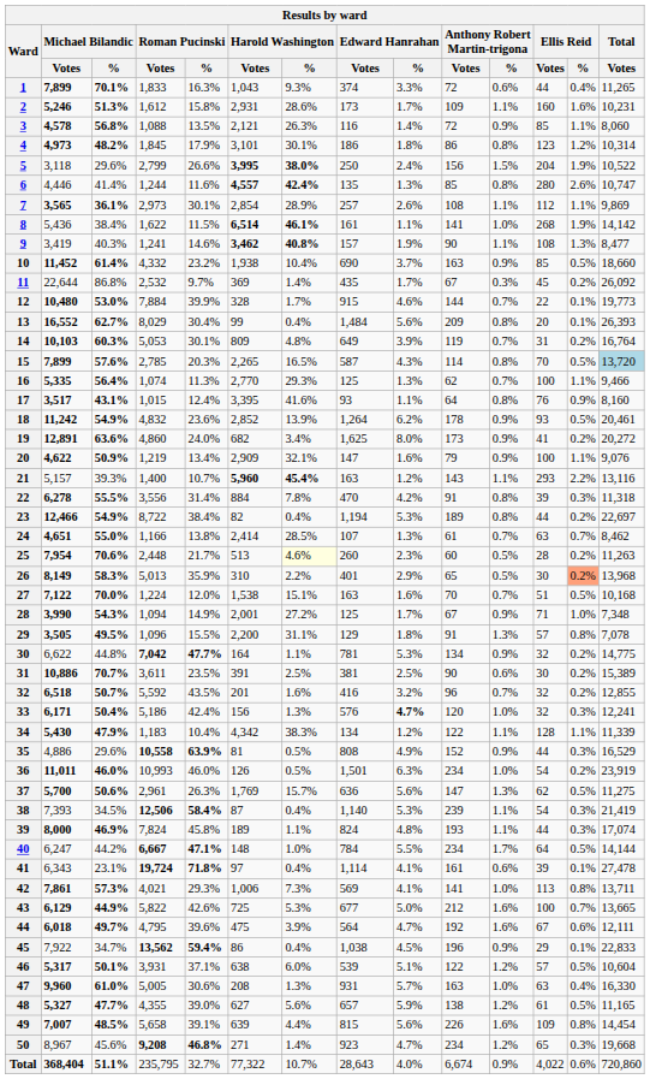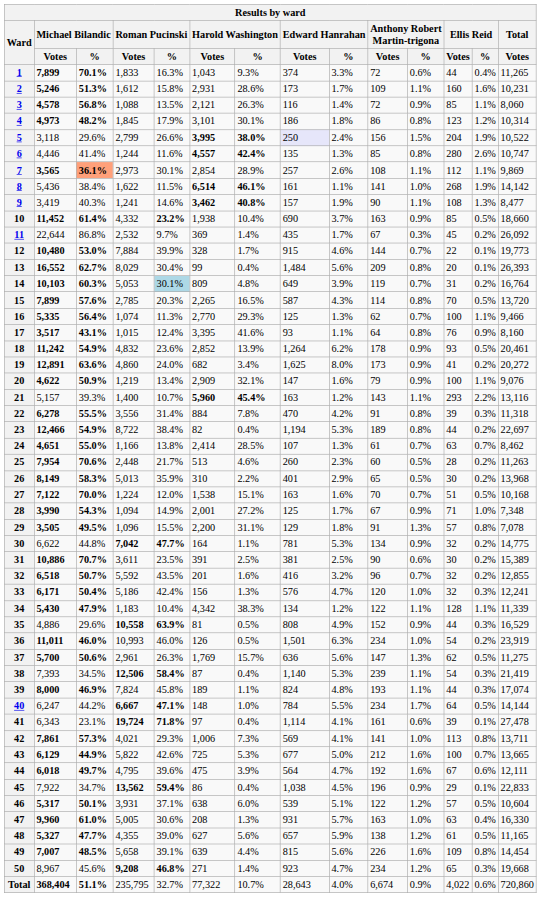 <table class="wikitable collapsible collapsed sortable">
 <tr>
 <th colspan=15>Results by ward</th>
 </tr>
 <tr>
 <th rowspan=2>Ward</th>
 <th colspan=2>Michael Bilandic</th>
 <th colspan=2>Roman Pucinski</th>
 <th colspan=2>Harold Washington</th>
 <th colspan=2>Edward Hanrahan</th>
 <th colspan=2>Anthony Robert<br>Martin-trigona</th>
 <th colspan=2>Ellis Reid</th>
 <th>Total</th>
 </tr>
 <tr>
 <th>Votes</th>
 <th>%</th>
 <th>Votes</th>
 <th>%</th>
 <th>Votes</th>
 <th>%</th>
 <th>Votes</th>
 <th>%</th>
 <th>Votes</th>
 <th>%</th>
 <th>Votes</th>
 <th>%</th>
 <th>Votes</th>
 </tr>
 <tr>
 <th><a href='#'>1</a></th>
 <td><strong>7,899</strong></td>
 <td><strong>70.1%</strong></td>
 <td>1,833</td>
 <td>16.3%</td>
 <td>1,043</td>
 <td>9.3%</td>
 <td>374</td>
 <td>3.3%</td>
 <td>72</td>
 <td>0.6%</td>
 <td>44</td>
 <td>0.4%</td>
 <td>11,265</td>
 </tr>
 <tr>
 <th><a href='#'>2</a></th>
 <td><strong>5,246</strong></td>
 <td><strong>51.3%</strong></td>
 <td>1,612</td>
 <td>15.8%</td>
 <td>2,931</td>
 <td>28.6%</td>
 <td>173</td>
 <td>1.7%</td>
 <td>109</td>
 <td>1.1%</td>
 <td>160</td>
 <td>1.6%</td>
 <td>10,231</td>
 </tr>
 <tr>
 <th><a href='#'>3</a></th>
 <td><strong>4,578</strong></td>
 <td><strong>56.8%</strong></td>
 <td>1,088</td>
 <td>13.5%</td>
 <td>2,121</td>
 <td>26.3%</td>
 <td>116</td>
 <td>1.4%</td>
 <td>72</td>
 <td>0.9%</td>
 <td>85</td>
 <td>1.1%</td>
 <td>8,060</td>
 </tr>
 <tr>
 <th><a href='#'>4</a></th>
 <td><strong>4,973</strong></td>
 <td><strong>48.2%</strong></td>
 <td>1,845</td>
 <td>17.9%</td>
 <td>3,101</td>
 <td>30.1%</td>
 <td>186</td>
 <td>1.8%</td>
 <td>86</td>
 <td>0.8%</td>
 <td>123</td>
 <td>1.2%</td>
 <td>10,314</td>
 </tr>
 <tr>
 <th><a href='#'>5</a></th>
 <td>3,118</td>
 <td>29.6%</td>
 <td>2,799</td>
 <td>26.6%</td>
 <td><strong>3,995</strong></td>
 <td><strong>38.0%</strong></td>
-<td>250</td>
+<td style="background: lavender;">250</td>
 <td>2.4%</td>
 <td>156</td>
 <td>1.5%</td>
 <td>204</td>
 <td>1.9%</td>
 <td>10,522</td>
 </tr>
 <tr>
 <th><a href='#'>6</a></th>
 <td>4,446</td>
 <td>41.4%</td>
 <td>1,244</td>
 <td>11.6%</td>
 <td><strong>4,557</strong></td>
 <td><strong>42.4%</strong></td>
 <td>135</td>
 <td>1.3%</td>
 <td>85</td>
 <td>0.8%</td>
 <td>280</td>
 <td>2.6%</td>
 <td>10,747</td>
 </tr>
 <tr>
 <th><a href='#'>7</a></th>
 <td><strong>3,565</strong></td>
-<td><strong>36.1%</strong></td>
+<td style="background: lightsalmon;"><strong>36.1%</strong></td>
 <td>2,973</td>
 <td>30.1%</td>
 <td>2,854</td>
 <td>28.9%</td>
 <td>257</td>
 <td>2.6%</td>
 <td>108</td>
 <td>1.1%</td>
 <td>112</td>
 <td>1.1%</td>
 <td>9,869</td>
 </tr>
 <tr>
 <th><a href='#'>8</a></th>
 <td>5,436</td>
 <td>38.4%</td>
 <td>1,622</td>
 <td>11.5%</td>
 <td><strong>6,514</strong></td>
 <td><strong>46.1%</strong></td>
 <td>161</td>
 <td>1.1%</td>
 <td>141</td>
 <td>1.0%</td>
 <td>268</td>
 <td>1.9%</td>
 <td>14,142</td>
 </tr>
 <tr>
 <th><a href='#'>9</a></th>
 <td>3,419</td>
 <td>40.3%</td>
 <td>1,241</td>
 <td>14.6%</td>
 <td><strong>3,462</strong></td>
 <td><strong>40.8%</strong></td>
 <td>157</td>
 <td>1.9%</td>
 <td>90</td>
 <td>1.1%</td>
 <td>108</td>
 <td>1.3%</td>
 <td>8,477</td>
 </tr>
 <tr>
 <th>10</th>
 <td><strong>11,452</strong></td>
 <td><strong>61.4%</strong></td>
 <td>4,332</td>
-<td>23.2%</td>
+<td><strong>23.2%</strong></td>
 <td>1,938</td>
 <td>10.4%</td>
 <td>690</td>
 <td>3.7%</td>
 <td>163</td>
 <td>0.9%</td>
 <td>85</td>
 <td>0.5%</td>
 <td>18,660</td>
 </tr>
 <tr>
 <th><a href='#'>11</a></th>
 <td>22,644</td>
 <td>86.8%</td>
 <td>2,532</td>
 <td>9.7%</td>
 <td>369</td>
 <td>1.4%</td>
 <td>435</td>
 <td>1.7%</td>
 <td>67</td>
 <td>0.3%</td>
 <td>45</td>
 <td>0.2%</td>
 <td>26,092</td>
 </tr>
 <tr>
 <th>12</th>
 <td><strong>10,480</strong></td>
 <td><strong>53.0%</strong></td>
 <td>7,884</td>
 <td>39.9%</td>
 <td>328</td>
 <td>1.7%</td>
 <td>915</td>
 <td>4.6%</td>
 <td>144</td>
 <td>0.7%</td>
 <td>22</td>
 <td>0.1%</td>
 <td>19,773</td>
 </tr>
 <tr>
 <th>13</th>
 <td><strong>16,552</strong></td>
 <td><strong>62.7%</strong></td>
 <td>8,029</td>
 <td>30.4%</td>
 <td>99</td>
 <td>0.4%</td>
 <td>1,484</td>
 <td>5.6%</td>
 <td>209</td>
 <td>0.8%</td>
 <td>20</td>
 <td>0.1%</td>
 <td>26,393</td>
 </tr>
 <tr>
 <th>14</th>
 <td><strong>10,103</strong></td>
 <td><strong>60.3%</strong></td>
 <td>5,053</td>
-<td>30.1%</td>
+<td style="background: lightblue;">30.1%</td>
 <td>809</td>
 <td>4.8%</td>
 <td>649</td>
 <td>3.9%</td>
 <td>119</td>
 <td>0.7%</td>
 <td>31</td>
 <td>0.2%</td>
 <td>16,764</td>
 </tr>
 <tr>
 <th>15</th>
 <td><strong>7,899</strong></td>
 <td><strong>57.6%</strong></td>
 <td>2,785</td>
 <td>20.3%</td>
 <td>2,265</td>
 <td>16.5%</td>
 <td>587</td>
 <td>4.3%</td>
 <td>114</td>
 <td>0.8%</td>
 <td>70</td>
 <td>0.5%</td>
-<td style="background: lightblue;">13,720</td>
+<td>13,720</td>
 </tr>
 <tr>
 <th>16</th>
 <td><strong>5,335</strong></td>
 <td><strong>56.4%</strong></td>
 <td>1,074</td>
 <td>11.3%</td>
 <td>2,770</td>
 <td>29.3%</td>
 <td>125</td>
 <td>1.3%</td>
 <td>62</td>
 <td>0.7%</td>
 <td>100</td>
 <td>1.1%</td>
 <td>9,466</td>
 </tr>
 <tr>
 <th>17</th>
 <td><strong>3,517</strong></td>
 <td><strong>43.1%</strong></td>
 <td>1,015</td>
 <td>12.4%</td>
 <td>3,395</td>
 <td>41.6%</td>
 <td>93</td>
 <td>1.1%</td>
 <td>64</td>
 <td>0.8%</td>
 <td>76</td>
 <td>0.9%</td>
 <td>8,160</td>
 </tr>
 <tr>
 <th>18</th>
 <td><strong>11,242</strong></td>
 <td><strong>54.9%</strong></td>
 <td>4,832</td>
 <td>23.6%</td>
 <td>2,852</td>
 <td>13.9%</td>
 <td>1,264</td>
 <td>6.2%</td>
 <td>178</td>
 <td>0.9%</td>
 <td>93</td>
 <td>0.5%</td>
 <td>20,461</td>
 </tr>
 <tr>
 <th>19</th>
 <td><strong>12,891</strong></td>
 <td><strong>63.6%</strong></td>
 <td>4,860</td>
 <td>24.0%</td>
 <td>682</td>
 <td>3.4%</td>
 <td>1,625</td>
 <td>8.0%</td>
 <td>173</td>
 <td>0.9%</td>
 <td>41</td>
 <td>0.2%</td>
 <td>20,272</td>
 </tr>
 <tr>
 <th>20</th>
 <td><strong>4,622</strong></td>
 <td><strong>50.9%</strong></td>
 <td>1,219</td>
 <td>13.4%</td>
 <td>2,909</td>
 <td>32.1%</td>
 <td>147</td>
 <td>1.6%</td>
 <td>79</td>
 <td>0.9%</td>
 <td>100</td>
 <td>1.1%</td>
 <td>9,076</td>
 </tr>
 <tr>
 <th>21</th>
 <td>5,157</td>
 <td>39.3%</td>
 <td>1,400</td>
 <td>10.7%</td>
 <td><strong>5,960</strong></td>
 <td><strong>45.4%</strong></td>
 <td>163</td>
 <td>1.2%</td>
 <td>143</td>
 <td>1.1%</td>
 <td>293</td>
 <td>2.2%</td>
 <td>13,116</td>
 </tr>
 <tr>
 <th>22</th>
 <td><strong>6,278</strong></td>
 <td><strong>55.5%</strong></td>
 <td>3,556</td>
 <td>31.4%</td>
 <td>884</td>
 <td>7.8%</td>
 <td>470</td>
 <td>4.2%</td>
 <td>91</td>
 <td>0.8%</td>
 <td>39</td>
 <td>0.3%</td>
 <td>11,318</td>
 </tr>
 <tr>
 <th>23</th>
 <td><strong>12,466</strong></td>
 <td><strong>54.9%</strong></td>
 <td>8,722</td>
 <td>38.4%</td>
 <td>82</td>
 <td>0.4%</td>
 <td>1,194</td>
 <td>5.3%</td>
 <td>189</td>
 <td>0.8%</td>
 <td>44</td>
 <td>0.2%</td>
 <td>22,697</td>
 </tr>
 <tr>
 <th>24</th>
 <td><strong>4,651</strong></td>
 <td><strong>55.0%</strong></td>
 <td>1,166</td>
 <td>13.8%</td>
 <td>2,414</td>
 <td>28.5%</td>
 <td>107</td>
 <td>1.3%</td>
 <td>61</td>
 <td>0.7%</td>
 <td>63</td>
 <td>0.7%</td>
 <td>8,462</td>
 </tr>
 <tr>
 <th>25</th>
 <td><strong>7,954</strong></td>
 <td><strong>70.6%</strong></td>
 <td>2,448</td>
 <td>21.7%</td>
 <td>513</td>
-<td style="background: lightyellow;">4.6%</td>
+<td>4.6%</td>
 <td>260</td>
 <td>2.3%</td>
 <td>60</td>
 <td>0.5%</td>
 <td>28</td>
 <td>0.2%</td>
 <td>11,263</td>
 </tr>
 <tr>
 <th>26</th>
 <td><strong>8,149</strong></td>
 <td><strong>58.3%</strong></td>
 <td>5,013</td>
 <td>35.9%</td>
 <td>310</td>
 <td>2.2%</td>
 <td>401</td>
 <td>2.9%</td>
 <td>65</td>
 <td>0.5%</td>
 <td>30</td>
-<td style="background: lightsalmon;">0.2%</td>
+<td>0.2%</td>
 <td>13,968</td>
 </tr>
 <tr>
 <th>27</th>
 <td><strong>7,122</strong></td>
 <td><strong>70.0%</strong></td>
 <td>1,224</td>
 <td>12.0%</td>
 <td>1,538</td>
 <td>15.1%</td>
 <td>163</td>
 <td>1.6%</td>
 <td>70</td>
 <td>0.7%</td>
 <td>51</td>
 <td>0.5%</td>
 <td>10,168</td>
 </tr>
 <tr>
 <th>28</th>
 <td><strong>3,990</strong></td>
 <td><strong>54.3%</strong></td>
 <td>1,094</td>
 <td>14.9%</td>
 <td>2,001</td>
 <td>27.2%</td>
 <td>125</td>
 <td>1.7%</td>
 <td>67</td>
 <td>0.9%</td>
 <td>71</td>
 <td>1.0%</td>
 <td>7,348</td>
 </tr>
 <tr>
 <th>29</th>
 <td><strong>3,505</strong></td>
 <td><strong>49.5%</strong></td>
 <td>1,096</td>
 <td>15.5%</td>
 <td>2,200</td>
 <td>31.1%</td>
 <td>129</td>
 <td>1.8%</td>
 <td>91</td>
 <td>1.3%</td>
 <td>57</td>
 <td>0.8%</td>
 <td>7,078</td>
 </tr>
 <tr>
 <th>30</th>
 <td>6,622</td>
 <td>44.8%</td>
 <td><strong>7,042</strong></td>
 <td><strong>47.7%</strong></td>
 <td>164</td>
 <td>1.1%</td>
 <td>781</td>
 <td>5.3%</td>
 <td>134</td>
 <td>0.9%</td>
 <td>32</td>
 <td>0.2%</td>
 <td>14,775</td>
 </tr>
 <tr>
 <th>31</th>
 <td><strong>10,886</strong></td>
 <td><strong>70.7%</strong></td>
 <td>3,611</td>
 <td>23.5%</td>
 <td>391</td>
 <td>2.5%</td>
 <td>381</td>
 <td>2.5%</td>
 <td>90</td>
 <td>0.6%</td>
 <td>30</td>
 <td>0.2%</td>
 <td>15,389</td>
 </tr>
 <tr>
 <th>32</th>
 <td><strong>6,518</strong></td>
 <td><strong>50.7%</strong></td>
 <td>5,592</td>
 <td>43.5%</td>
 <td>201</td>
 <td>1.6%</td>
 <td>416</td>
 <td>3.2%</td>
 <td>96</td>
 <td>0.7%</td>
 <td>32</td>
 <td>0.2%</td>
 <td>12,855</td>
 </tr>
 <tr>
 <th>33</th>
 <td><strong>6,171</strong></td>
 <td><strong>50.4%</strong></td>
 <td>5,186</td>
 <td>42.4%</td>
 <td>156</td>
 <td>1.3%</td>
 <td>576</td>
-<td><strong>4.7%</strong></td>
+<td>4.7%</td>
 <td>120</td>
 <td>1.0%</td>
 <td>32</td>
 <td>0.3%</td>
 <td>12,241</td>
 </tr>
 <tr>
 <th>34</th>
 <td><strong>5,430</strong></td>
 <td><strong>47.9%</strong></td>
 <td>1,183</td>
 <td>10.4%</td>
 <td>4,342</td>
 <td>38.3%</td>
 <td>134</td>
 <td>1.2%</td>
 <td>122</td>
 <td>1.1%</td>
 <td>128</td>
 <td>1.1%</td>
 <td>11,339</td>
 </tr>
 <tr>
 <th>35</th>
 <td>4,886</td>
 <td>29.6%</td>
 <td><strong>10,558</strong></td>
 <td><strong>63.9%</strong></td>
 <td>81</td>
 <td>0.5%</td>
 <td>808</td>
 <td>4.9%</td>
 <td>152</td>
 <td>0.9%</td>
 <td>44</td>
 <td>0.3%</td>
 <td>16,529</td>
 </tr>
 <tr>
 <th>36</th>
 <td><strong>11,011</strong></td>
 <td><strong>46.0%</strong></td>
 <td>10,993</td>
 <td>46.0%</td>
 <td>126</td>
 <td>0.5%</td>
 <td>1,501</td>
 <td>6.3%</td>
 <td>234</td>
 <td>1.0%</td>
 <td>54</td>
 <td>0.2%</td>
 <td>23,919</td>
 </tr>
 <tr>
 <th>37</th>
 <td><strong>5,700</strong></td>
 <td><strong>50.6%</strong></td>
 <td>2,961</td>
 <td>26.3%</td>
 <td>1,769</td>
 <td>15.7%</td>
 <td>636</td>
 <td>5.6%</td>
 <td>147</td>
 <td>1.3%</td>
 <td>62</td>
 <td>0.5%</td>
 <td>11,275</td>
 </tr>
 <tr>
 <th>38</th>
 <td>7,393</td>
 <td>34.5%</td>
 <td><strong>12,506</strong></td>
 <td><strong>58.4%</strong></td>
 <td>87</td>
 <td>0.4%</td>
 <td>1,140</td>
 <td>5.3%</td>
 <td>239</td>
 <td>1.1%</td>
 <td>54</td>
 <td>0.3%</td>
 <td>21,419</td>
 </tr>
 <tr>
 <th>39</th>
 <td><strong>8,000</strong></td>
 <td><strong>46.9%</strong></td>
 <td>7,824</td>
 <td>45.8%</td>
 <td>189</td>
 <td>1.1%</td>
 <td>824</td>
 <td>4.8%</td>
 <td>193</td>
 <td>1.1%</td>
 <td>44</td>
 <td>0.3%</td>
 <td>17,074</td>
 </tr>
 <tr>
 <th><a href='#'>40</a></th>
 <td>6,247</td>
 <td>44.2%</td>
 <td><strong>6,667</strong></td>
 <td><strong>47.1%</strong></td>
 <td>148</td>
 <td>1.0%</td>
 <td>784</td>
 <td>5.5%</td>
 <td>234</td>
 <td>1.7%</td>
 <td>64</td>
 <td>0.5%</td>
 <td>14,144</td>
 </tr>
 <tr>
 <th>41</th>
 <td>6,343</td>
 <td>23.1%</td>
 <td><strong>19,724</strong></td>
 <td><strong>71.8%</strong></td>
 <td>97</td>
 <td>0.4%</td>
 <td>1,114</td>
 <td>4.1%</td>
 <td>161</td>
 <td>0.6%</td>
 <td>39</td>
 <td>0.1%</td>
 <td>27,478</td>
 </tr>
 <tr>
 <th>42</th>
 <td><strong>7,861</strong></td>
 <td><strong>57.3%</strong></td>
 <td>4,021</td>
 <td>29.3%</td>
 <td>1,006</td>
 <td>7.3%</td>
 <td>569</td>
 <td>4.1%</td>
 <td>141</td>
 <td>1.0%</td>
 <td>113</td>
 <td>0.8%</td>
 <td>13,711</td>
 </tr>
 <tr>
 <th>43</th>
 <td><strong>6,129</strong></td>
 <td><strong>44.9%</strong></td>
 <td>5,822</td>
 <td>42.6%</td>
 <td>725</td>
 <td>5.3%</td>
 <td>677</td>
 <td>5.0%</td>
 <td>212</td>
 <td>1.6%</td>
 <td>100</td>
 <td>0.7%</td>
 <td>13,665</td>
 </tr>
 <tr>
 <th>44</th>
 <td><strong>6,018</strong></td>
 <td><strong>49.7%</strong></td>
 <td>4,795</td>
 <td>39.6%</td>
 <td>475</td>
 <td>3.9%</td>
 <td>564</td>
 <td>4.7%</td>
 <td>192</td>
 <td>1.6%</td>
 <td>67</td>
 <td>0.6%</td>
 <td>12,111</td>
 </tr>
 <tr>
 <th>45</th>
 <td>7,922</td>
 <td>34.7%</td>
 <td><strong>13,562</strong></td>
 <td><strong>59.4%</strong></td>
 <td>86</td>
 <td>0.4%</td>
 <td>1,038</td>
 <td>4.5%</td>
 <td>196</td>
 <td>0.9%</td>
 <td>29</td>
 <td>0.1%</td>
 <td>22,833</td>
 </tr>
 <tr>
 <th>46</th>
 <td><strong>5,317</strong></td>
 <td><strong>50.1%</strong></td>
 <td>3,931</td>
 <td>37.1%</td>
 <td>638</td>
 <td>6.0%</td>
 <td>539</td>
 <td>5.1%</td>
 <td>122</td>
 <td>1.2%</td>
 <td>57</td>
 <td>0.5%</td>
 <td>10,604</td>
 </tr>
 <tr>
 <th>47</th>
 <td><strong>9,960</strong></td>
 <td><strong>61.0%</strong></td>
 <td>5,005</td>
 <td>30.6%</td>
 <td>208</td>
 <td>1.3%</td>
 <td>931</td>
 <td>5.7%</td>
 <td>163</td>
 <td>1.0%</td>
 <td>63</td>
 <td>0.4%</td>
 <td>16,330</td>
 </tr>
 <tr>
 <th>48</th>
 <td><strong>5,327</strong></td>
 <td><strong>47.7%</strong></td>
 <td>4,355</td>
 <td>39.0%</td>
 <td>627</td>
 <td>5.6%</td>
 <td>657</td>
 <td>5.9%</td>
 <td>138</td>
 <td>1.2%</td>
 <td>61</td>
 <td>0.5%</td>
 <td>11,165</td>
 </tr>
 <tr>
 <th>49</th>
 <td><strong>7,007</strong></td>
 <td><strong>48.5%</strong></td>
 <td>5,658</td>
 <td>39.1%</td>
 <td>639</td>
 <td>4.4%</td>
 <td>815</td>
 <td>5.6%</td>
 <td>226</td>
 <td>1.6%</td>
 <td>109</td>
 <td>0.8%</td>
 <td>14,454</td>
 </tr>
 <tr>
 <th>50</th>
 <td>8,967</td>
 <td>45.6%</td>
 <td><strong>9,208</strong></td>
 <td><strong>46.8%</strong></td>
 <td>271</td>
 <td>1.4%</td>
 <td>923</td>
 <td>4.7%</td>
 <td>234</td>
 <td>1.2%</td>
 <td>65</td>
 <td>0.3%</td>
 <td>19,668</td>
 </tr>
 <tr>
 <th>Total</th>
 <td><strong>368,404</strong></td>
 <td><strong>51.1%</strong></td>
 <td>235,795</td>
 <td>32.7%</td>
 <td>77,322</td>
 <td>10.7%</td>
 <td>28,643</td>
 <td>4.0%</td>
 <td>6,674</td>
 <td>0.9%</td>
 <td>4,022</td>
 <td>0.6%</td>
 <td>720,860</td>
 </tr>
 </table>
